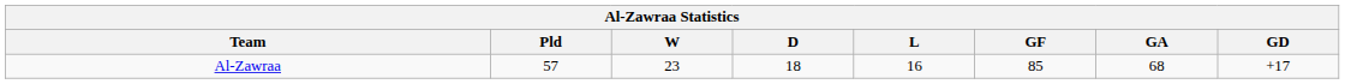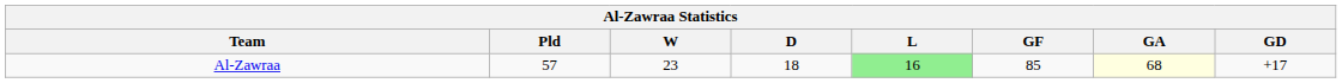 <table width=70% class="wikitable" style="text-align:">
 <tr>
 <th colspan=9>Al-Zawraa Statistics</th>
 </tr>
 <tr>
 <th width=20%>Team</th>
 <th width=5%>Pld</th>
 <th width=5%>W</th>
 <th width=5%>D</th>
 <th width=5%>L</th>
 <th width=5%>GF</th>
 <th width=5%>GA</th>
 <th width=5%>GD</th>
 </tr>
 <tr align=center>
 <td align=center> <a href='#'>Al-Zawraa</a></td>
 <td>57</td>
 <td>23</td>
 <td>18</td>
-<td>16</td>
+<td style="background: lightgreen;">16</td>
 <td>85</td>
-<td>68</td>
+<td style="background: lightyellow;">68</td>
 <td>+17</td>
 </tr>
 </table>
